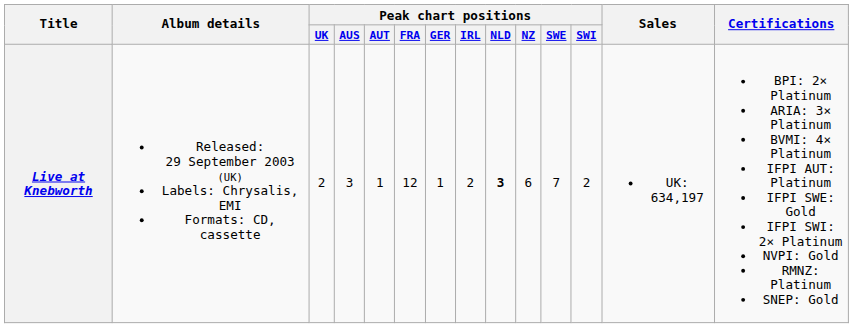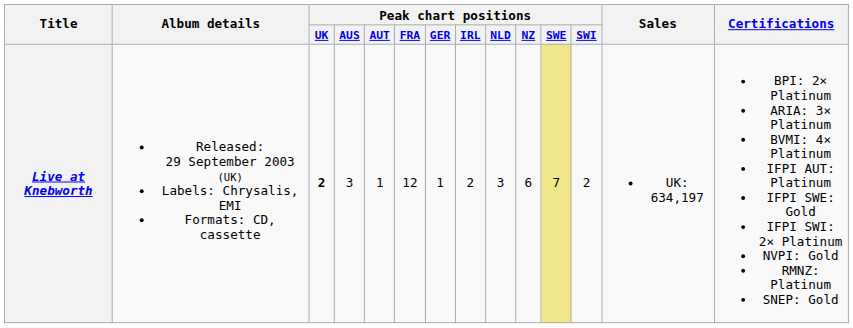 <table class="wikitable plainrowheaders" style="text-align:center;" border="1">
 <tr>
 <th scope="col" rowspan="2" style="width:14em;">Title</th>
 <th scope="col" rowspan="2" style="width:19em;">Album details</th>
 <th scope="col" colspan="10">Peak chart positions</th>
 <th scope="col" rowspan="2" style="width:11em;">Sales</th>
 <th scope="col" rowspan="2" style="width:14em;"><a href='#'>Certifications</a></th>
 </tr>
 <tr>
 <th scope="col" style="width:3em;font-size:90%;"><a href='#'>UK</a><br></th>
 <th scope="col" style="width:3em;font-size:90%;"><a href='#'>AUS</a><br></th>
 <th scope="col" style="width:3em;font-size:90%;"><a href='#'>AUT</a><br></th>
 <th scope="col" style="width:3em;font-size:90%;"><a href='#'>FRA</a><br></th>
 <th scope="col" style="width:3em;font-size:90%;"><a href='#'>GER</a><br></th>
 <th scope="col" style="width:3em;font-size:90%;"><a href='#'>IRL</a><br></th>
 <th scope="col" style="width:3em;font-size:90%;"><a href='#'>NLD</a><br></th>
 <th scope="col" style="width:3em;font-size:90%;"><a href='#'>NZ</a><br></th>
 <th scope="col" style="width:3em;font-size:90%;"><a href='#'>SWE</a><br></th>
 <th scope="col" style="width:3em;font-size:90%;"><a href='#'>SWI</a><br></th>
 </tr>
 <tr>
 <th scope="row"><em><a href='#'>Live at Knebworth</a></em></th>
 <td><br><ul><li>Released: 29 September 2003 <small>(UK)</small></li><li>Labels: Chrysalis, EMI</li><li>Formats: CD, cassette</li></ul></td>
-<td>2</td>
+<td><strong>2</strong></td>
 <td>3</td>
 <td>1</td>
 <td>12</td>
 <td>1</td>
 <td>2</td>
-<td><strong>3</strong></td>
+<td>3</td>
 <td>6</td>
-<td>7</td>
+<td style="background: khaki;">7</td>
 <td>2</td>
 <td><br><ul><li>UK: 634,197</li></ul></td>
 <td><br><ul><li>BPI: 2× Platinum</li><li>ARIA: 3× Platinum</li><li>BVMI: 4× Platinum</li><li>IFPI AUT: Platinum</li><li>IFPI SWE: Gold</li><li>IFPI SWI: 2× Platinum</li><li>NVPI: Gold</li><li>RMNZ: Platinum</li><li>SNEP: Gold</li></ul></td>
 </tr>
 </table>
